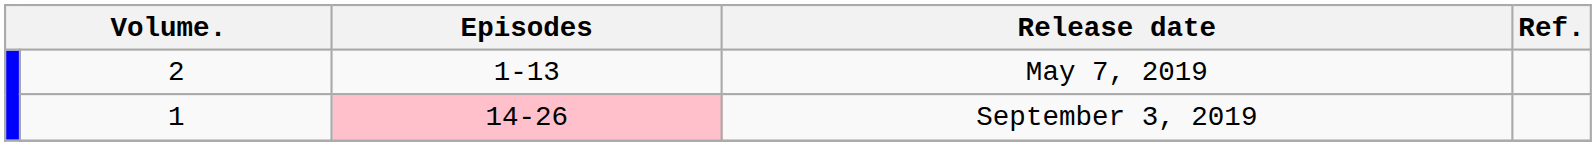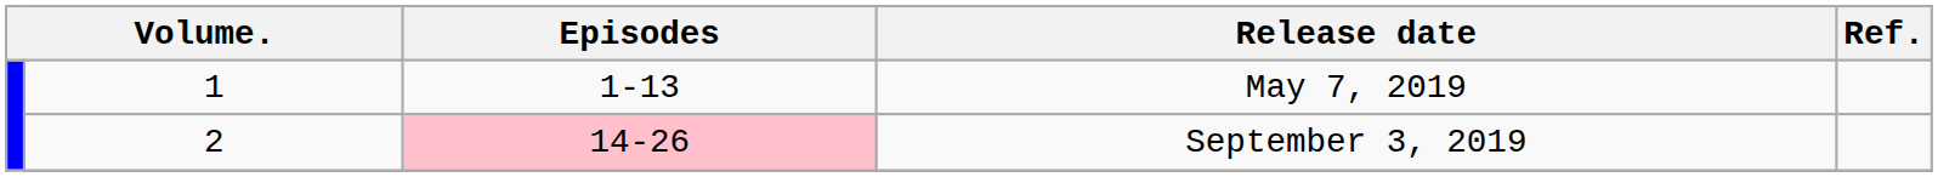 <table class="wikitable" style="text-align:center;">
 <tr>
 <th colspan="2">Volume.</th>
 <th>Episodes</th>
 <th>Release date</th>
 <th width="5%">Ref.</th>
 </tr>
 <tr>
 <td rowspan="10" width="1%" style="background:Blue;"></td>
-<td>2</td>
+<td>1</td>
 <td>1-13</td>
 <td>May 7, 2019</td>
 <td></td>
 </tr>
 <tr>
-<td>1</td>
+<td>2</td>
 <td style="background: pink;">14-26</td>
 <td>September 3, 2019</td>
 <td></td>
 </tr>
 <tr>
 </tr>
 </table>
